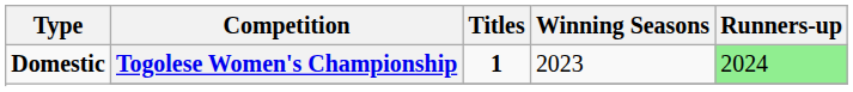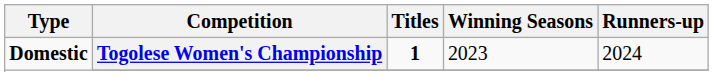 <table class="wikitable plainrowheaders" style="font-size:95%; text-align:center;">
 <tr>
 <th style="width:5">Type</th>
 <th style="width:5">Competition</th>
 <th style="width:5">Titles</th>
 <th style="width:5">Winning Seasons</th>
 <th style="width:5">Runners-up</th>
 </tr>
 <tr>
 <td rowspan="2"><strong>Domestic</strong></td>
 <th scope=col><a href='#'>Togolese Women's Championship</a></th>
 <td><strong>1</strong></td>
 <td align="left">2023</td>
-<td align="left" style="background: lightgreen;">2024</td>
+<td align="left">2024</td>
 </tr>
 <tr>
 </tr>
 </table>
